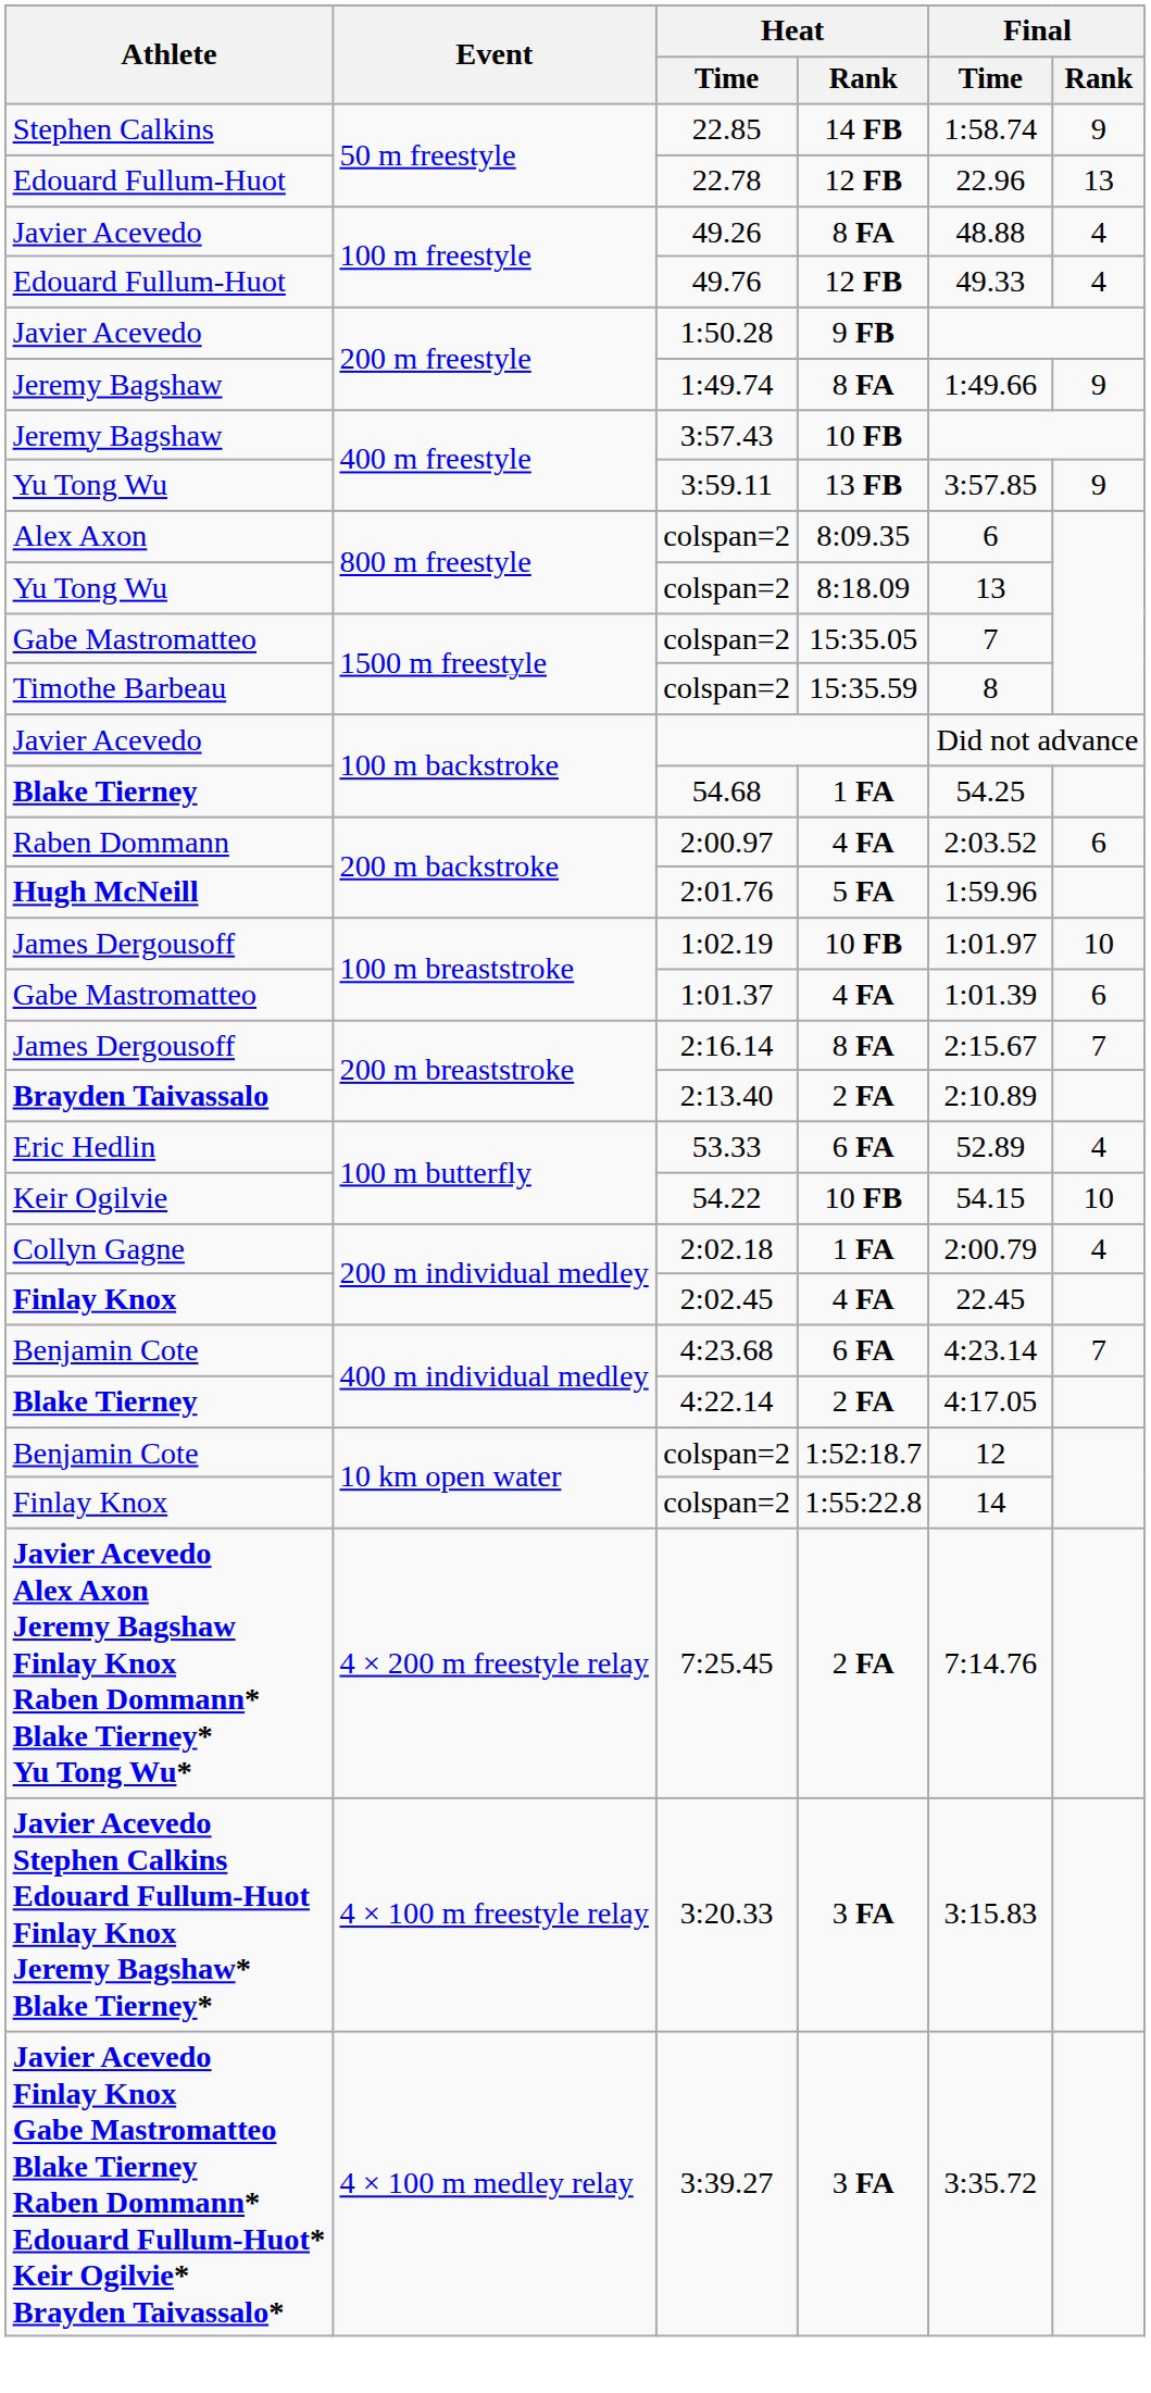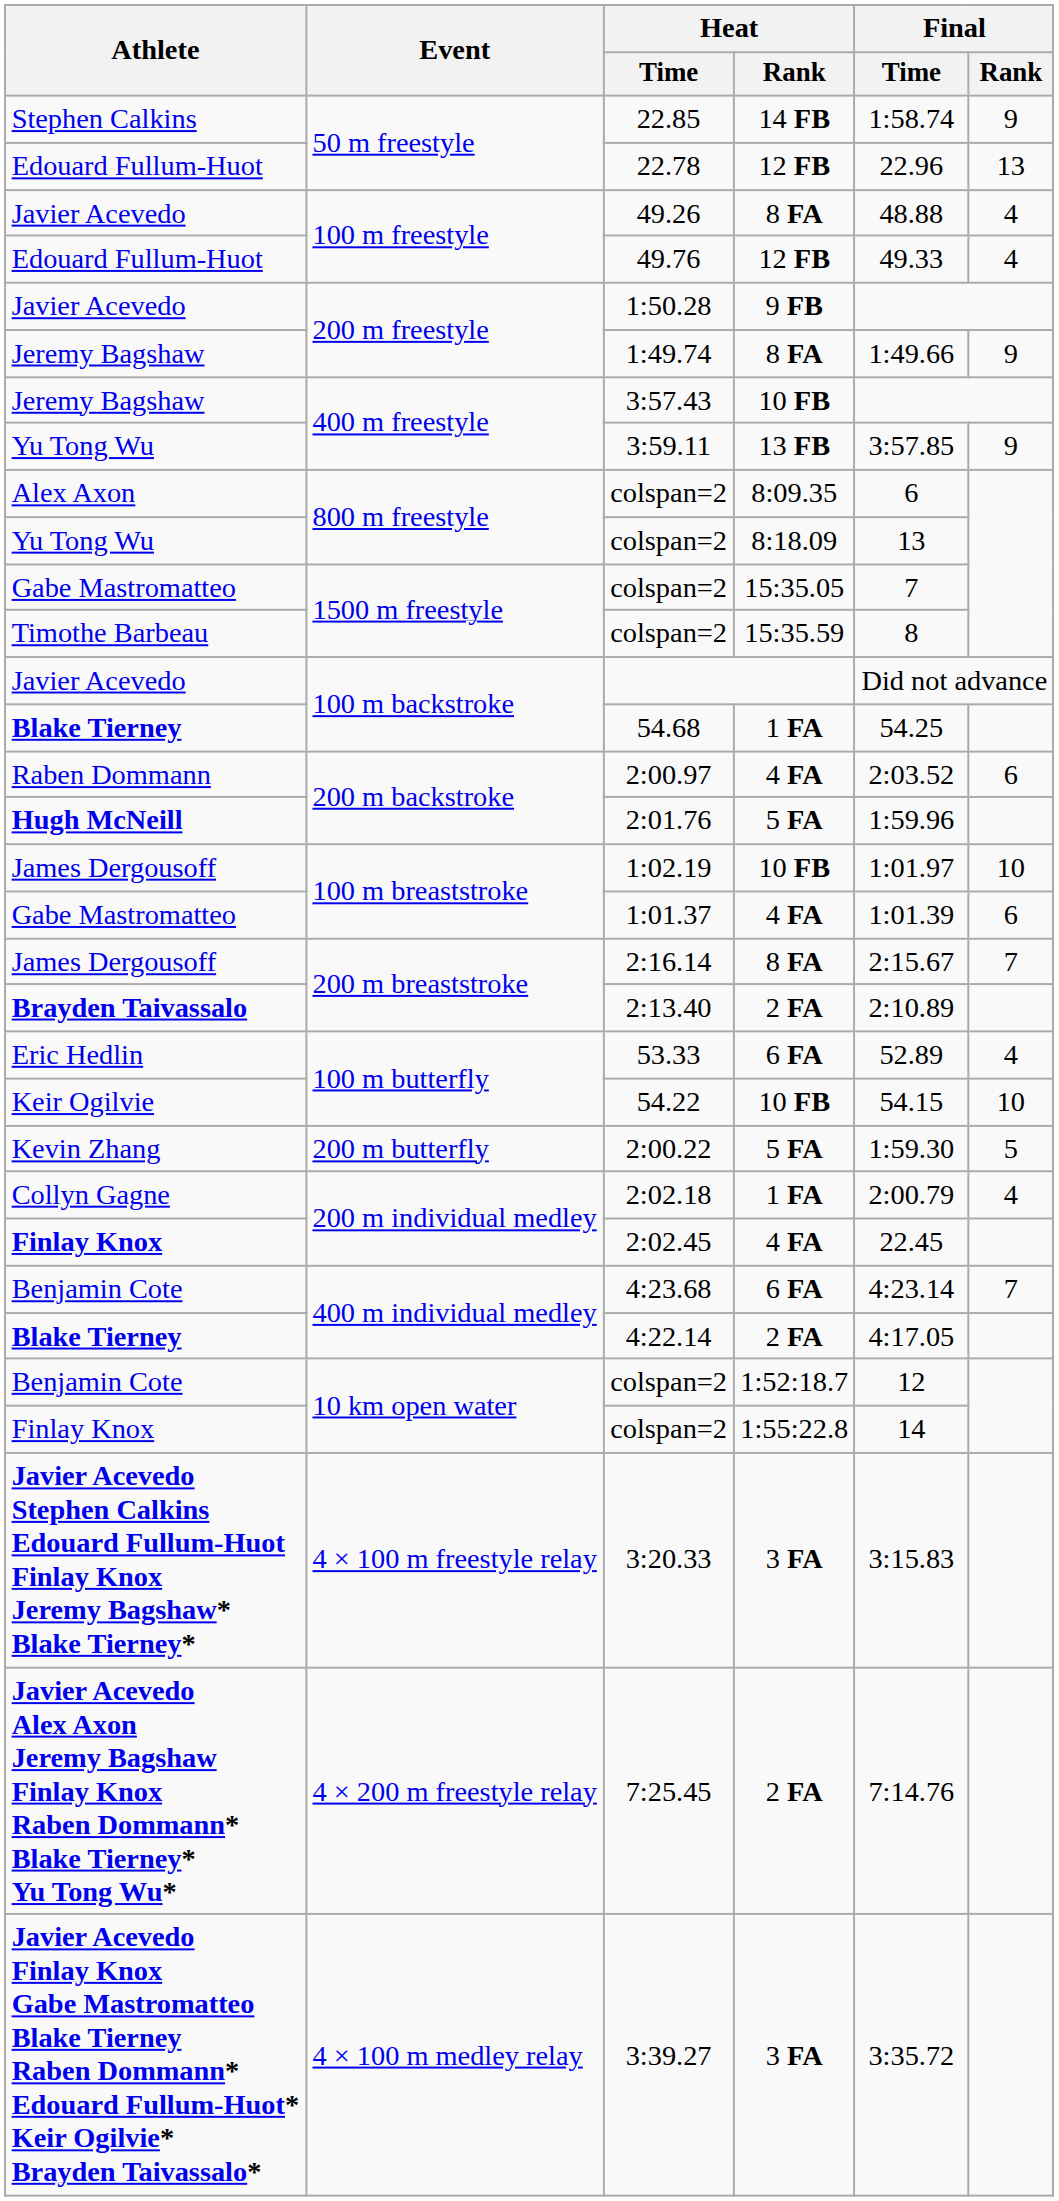 <table class=wikitable style="font-size:90%">
 <tr>
 <th rowspan=2>Athlete</th>
 <th rowspan=2>Event</th>
 <th colspan=2>Heat</th>
 <th colspan=2>Final</th>
 </tr>
 <tr style="font-size:95%">
 <th>Time</th>
 <th>Rank</th>
 <th>Time</th>
 <th>Rank</th>
 </tr>
 <tr align=center>
 <td align=left><a href='#'>Stephen Calkins</a></td>
 <td align=left rowspan=2><a href='#'>50 m freestyle</a></td>
 <td>22.85</td>
 <td>14 <strong>FB</strong></td>
 <td>1:58.74</td>
 <td>9</td>
 </tr>
 <tr align=center>
 <td align=left><a href='#'>Edouard Fullum-Huot</a></td>
 <td>22.78</td>
 <td>12 <strong>FB</strong></td>
 <td>22.96</td>
 <td>13</td>
 </tr>
 <tr align=center>
 <td align=left><a href='#'>Javier Acevedo</a></td>
 <td align=left rowspan=2><a href='#'>100 m freestyle</a></td>
 <td>49.26</td>
 <td>8 <strong>FA</strong></td>
 <td>48.88</td>
 <td>4</td>
 </tr>
 <tr align=center>
 <td align=left><a href='#'>Edouard Fullum-Huot</a></td>
 <td>49.76</td>
 <td>12 <strong>FB</strong></td>
 <td>49.33</td>
 <td>4</td>
 </tr>
 <tr align=center>
 <td align=left><a href='#'>Javier Acevedo</a></td>
 <td align=left rowspan=2><a href='#'>200 m freestyle</a></td>
 <td>1:50.28</td>
 <td>9 <strong>FB</strong></td>
 <td colspan=2></td>
 </tr>
 <tr align=center>
 <td align=left><a href='#'>Jeremy Bagshaw</a></td>
 <td>1:49.74</td>
 <td>8 <strong>FA</strong></td>
 <td>1:49.66</td>
 <td>9</td>
 </tr>
 <tr align=center>
 <td align=left><a href='#'>Jeremy Bagshaw</a></td>
 <td align=left rowspan=2><a href='#'>400 m freestyle</a></td>
 <td>3:57.43</td>
 <td>10 <strong>FB</strong></td>
 <td colspan=2></td>
 </tr>
 <tr align=center>
 <td align=left><a href='#'>Yu Tong Wu</a></td>
 <td>3:59.11</td>
 <td>13 <strong>FB</strong></td>
 <td>3:57.85</td>
 <td>9</td>
 </tr>
 <tr align=center>
 <td align=left><a href='#'>Alex Axon</a></td>
 <td align=left rowspan=2><a href='#'>800 m freestyle</a></td>
 <td>colspan=2 </td>
 <td>8:09.35</td>
 <td>6</td>
 </tr>
 <tr align=center>
 <td align=left><a href='#'>Yu Tong Wu</a></td>
 <td>colspan=2 </td>
 <td>8:18.09</td>
 <td>13</td>
 </tr>
 <tr align=center>
 <td align=left><a href='#'>Gabe Mastromatteo</a></td>
 <td align=left rowspan=2><a href='#'>1500 m freestyle</a></td>
 <td>colspan=2 </td>
 <td>15:35.05</td>
 <td>7</td>
 </tr>
 <tr align=center>
 <td align=left><a href='#'>Timothe Barbeau</a></td>
 <td>colspan=2 </td>
 <td>15:35.59</td>
 <td>8</td>
 </tr>
 <tr align=center>
 <td align=left><a href='#'>Javier Acevedo</a></td>
 <td align=left rowspan=2><a href='#'>100 m backstroke</a></td>
 <td colspan=2></td>
 <td colspan=2>Did not advance</td>
 </tr>
 <tr align=center>
 <td align=left><strong><a href='#'>Blake Tierney</a></strong></td>
 <td>54.68</td>
 <td>1 <strong>FA</strong></td>
 <td>54.25</td>
 <td></td>
 </tr>
 <tr align=center>
 <td align=left><a href='#'>Raben Dommann</a></td>
 <td align=left rowspan=2><a href='#'>200 m backstroke</a></td>
 <td>2:00.97</td>
 <td>4 <strong>FA</strong></td>
 <td>2:03.52</td>
 <td>6</td>
 </tr>
 <tr align=center>
 <td align=left><strong><a href='#'>Hugh McNeill</a></strong></td>
 <td>2:01.76</td>
 <td>5 <strong>FA</strong></td>
 <td>1:59.96</td>
 <td></td>
 </tr>
 <tr align=center>
 <td align=left><a href='#'>James Dergousoff</a></td>
 <td align=left rowspan=2><a href='#'>100 m breaststroke</a></td>
 <td>1:02.19</td>
 <td>10 <strong>FB</strong></td>
 <td>1:01.97</td>
 <td>10</td>
 </tr>
 <tr align=center>
 <td align=left><a href='#'>Gabe Mastromatteo</a></td>
 <td>1:01.37</td>
 <td>4 <strong>FA</strong></td>
 <td>1:01.39</td>
 <td>6</td>
 </tr>
 <tr align=center>
 <td align=left><a href='#'>James Dergousoff</a></td>
 <td align=left rowspan=2><a href='#'>200 m breaststroke</a></td>
 <td>2:16.14</td>
 <td>8 <strong>FA</strong></td>
 <td>2:15.67</td>
 <td>7</td>
 </tr>
 <tr align=center>
 <td align=left><strong><a href='#'>Brayden Taivassalo</a></strong></td>
 <td>2:13.40</td>
 <td>2 <strong>FA</strong></td>
 <td>2:10.89</td>
 <td></td>
 </tr>
 <tr align=center>
 <td align=left><a href='#'>Eric Hedlin</a></td>
 <td align=left rowspan=2><a href='#'>100 m butterfly</a></td>
 <td>53.33</td>
 <td>6 <strong>FA</strong></td>
 <td>52.89</td>
 <td>4</td>
 </tr>
 <tr align=center>
 <td align=left><a href='#'>Keir Ogilvie</a></td>
 <td>54.22</td>
 <td>10 <strong>FB</strong></td>
 <td>54.15</td>
 <td>10</td>
 </tr>
 <tr align=center>
+<td align=left><a href='#'>Kevin Zhang</a></td>
+<td align=left><a href='#'>200 m butterfly</a></td>
+<td>2:00.22</td>
+<td>5 <strong>FA</strong></td>
+<td>1:59.30</td>
+<td>5</td>
+</tr>
+<tr align=center>
 <td align=left><a href='#'>Collyn Gagne</a></td>
 <td align=left rowspan=2><a href='#'>200 m individual medley</a></td>
 <td>2:02.18</td>
 <td>1 <strong>FA</strong></td>
 <td>2:00.79</td>
 <td>4</td>
 </tr>
 <tr align=center>
 <td align=left><strong><a href='#'>Finlay Knox</a></strong></td>
 <td>2:02.45</td>
 <td>4 <strong>FA</strong></td>
 <td>22.45</td>
 <td></td>
 </tr>
 <tr align=center>
 <td align=left><a href='#'>Benjamin Cote</a></td>
 <td align=left rowspan=2><a href='#'>400 m individual medley</a></td>
 <td>4:23.68</td>
 <td>6 <strong>FA</strong></td>
 <td>4:23.14</td>
 <td>7</td>
 </tr>
 <tr align=center>
 <td align=left><strong><a href='#'>Blake Tierney</a></strong></td>
 <td>4:22.14</td>
 <td>2 <strong>FA</strong></td>
 <td>4:17.05</td>
 <td></td>
 </tr>
 <tr align=center>
 <td align=left><a href='#'>Benjamin Cote</a></td>
 <td align=left rowspan=2><a href='#'>10 km open water</a></td>
 <td>colspan=2 </td>
 <td>1:52:18.7</td>
 <td>12</td>
 </tr>
 <tr align=center>
 <td align=left><a href='#'>Finlay Knox</a></td>
 <td>colspan=2 </td>
 <td>1:55:22.8</td>
 <td>14</td>
 </tr>
 <tr align=center>
+<td align=left><strong><a href='#'>Javier Acevedo</a><br><a href='#'>Stephen Calkins</a><br><a href='#'>Edouard Fullum-Huot</a><br><a href='#'>Finlay Knox</a><br><a href='#'>Jeremy Bagshaw</a>*<br><a href='#'>Blake Tierney</a>*</strong></td>
+<td align=left><a href='#'>4 × 100 m freestyle relay</a></td>
+<td>3:20.33</td>
+<td>3 <strong>FA</strong></td>
+<td>3:15.83</td>
+<td></td>
+</tr>
+<tr align=center>
 <td align=left><strong><a href='#'>Javier Acevedo</a><br><a href='#'>Alex Axon</a><br><a href='#'>Jeremy Bagshaw</a><br><a href='#'>Finlay Knox</a><br><a href='#'>Raben Dommann</a>*<br><a href='#'>Blake Tierney</a>*<br><a href='#'>Yu Tong Wu</a>*</strong></td>
 <td align=left><a href='#'>4 × 200 m freestyle relay</a></td>
 <td>7:25.45</td>
 <td>2 <strong>FA</strong></td>
 <td>7:14.76</td>
-<td></td>
-</tr>
-<tr align=center>
-<td align=left><strong><a href='#'>Javier Acevedo</a><br><a href='#'>Stephen Calkins</a><br><a href='#'>Edouard Fullum-Huot</a><br><a href='#'>Finlay Knox</a><br><a href='#'>Jeremy Bagshaw</a>*<br><a href='#'>Blake Tierney</a>*</strong></td>
-<td align=left><a href='#'>4 × 100 m freestyle relay</a></td>
-<td>3:20.33</td>
-<td>3 <strong>FA</strong></td>
-<td>3:15.83</td>
 <td></td>
 </tr>
 <tr align=center>
 <td align=left><strong><a href='#'>Javier Acevedo</a><br><a href='#'>Finlay Knox</a><br><a href='#'>Gabe Mastromatteo</a><br><a href='#'>Blake Tierney</a><br><a href='#'>Raben Dommann</a>*<br><a href='#'>Edouard Fullum-Huot</a>*<br><a href='#'>Keir Ogilvie</a>*<br><a href='#'>Brayden Taivassalo</a>*</strong></td>
 <td align=left><a href='#'>4 × 100 m medley relay</a></td>
 <td>3:39.27</td>
 <td>3 <strong>FA</strong></td>
 <td>3:35.72</td>
 <td></td>
 </tr>
 </table>
